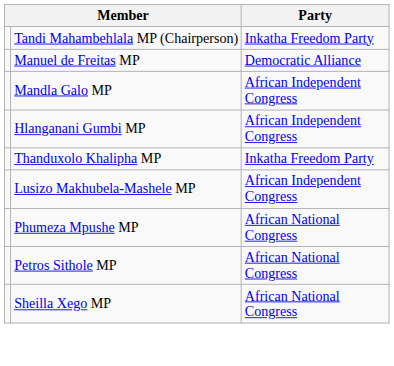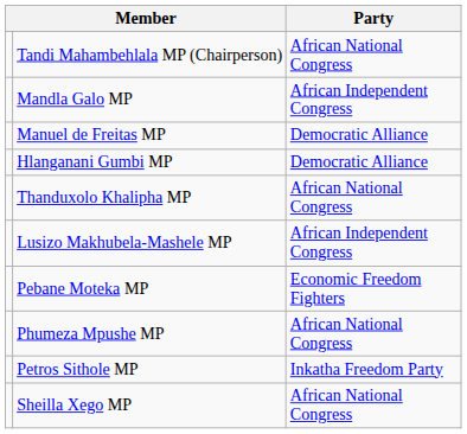 <table class="wikitable">
 <tr>
 <th width="160px" colspan="2" valign="top">Member</th>
 <th width="160px" valign="top">Party</th>
 </tr>
 <tr>
 <td></td>
 <td><a href='#'>Tandi Mahambehlala</a> MP (Chairperson)</td>
-<td><a href='#'>Inkatha Freedom Party</a></td>
+<td><a href='#'>African National Congress</a></td>
+</tr>
+<tr>
+<td></td>
+<td><a href='#'>Mandla Galo</a> MP</td>
+<td><a href='#'>African Independent Congress</a></td>
 </tr>
 <tr>
 <td></td>
 <td><a href='#'>Manuel de Freitas</a> MP</td>
 <td><a href='#'>Democratic Alliance</a></td>
 </tr>
 <tr>
 <td></td>
-<td><a href='#'>Mandla Galo</a> MP</td>
-<td><a href='#'>African Independent Congress</a></td>
-</tr>
-<tr>
-<td></td>
 <td><a href='#'>Hlanganani Gumbi</a> MP</td>
-<td><a href='#'>African Independent Congress</a></td>
+<td><a href='#'>Democratic Alliance</a></td>
 </tr>
 <tr>
 <td></td>
 <td><a href='#'>Thanduxolo Khalipha</a> MP</td>
-<td><a href='#'>Inkatha Freedom Party</a></td>
+<td><a href='#'>African National Congress</a></td>
 </tr>
 <tr>
 <td></td>
 <td><a href='#'>Lusizo Makhubela-Mashele</a> MP</td>
 <td><a href='#'>African Independent Congress</a></td>
+</tr>
+<tr>
+<td></td>
+<td><a href='#'>Pebane Moteka</a> MP</td>
+<td><a href='#'>Economic Freedom Fighters</a></td>
 </tr>
 <tr>
 <td></td>
 <td><a href='#'>Phumeza Mpushe</a> MP</td>
 <td><a href='#'>African National Congress</a></td>
 </tr>
 <tr>
 <td></td>
 <td><a href='#'>Petros Sithole</a> MP</td>
-<td><a href='#'>African National Congress</a></td>
+<td><a href='#'>Inkatha Freedom Party</a></td>
 </tr>
 <tr>
 <td></td>
 <td><a href='#'>Sheilla Xego</a> MP</td>
 <td><a href='#'>African National Congress</a></td>
 </tr>
 </table>
